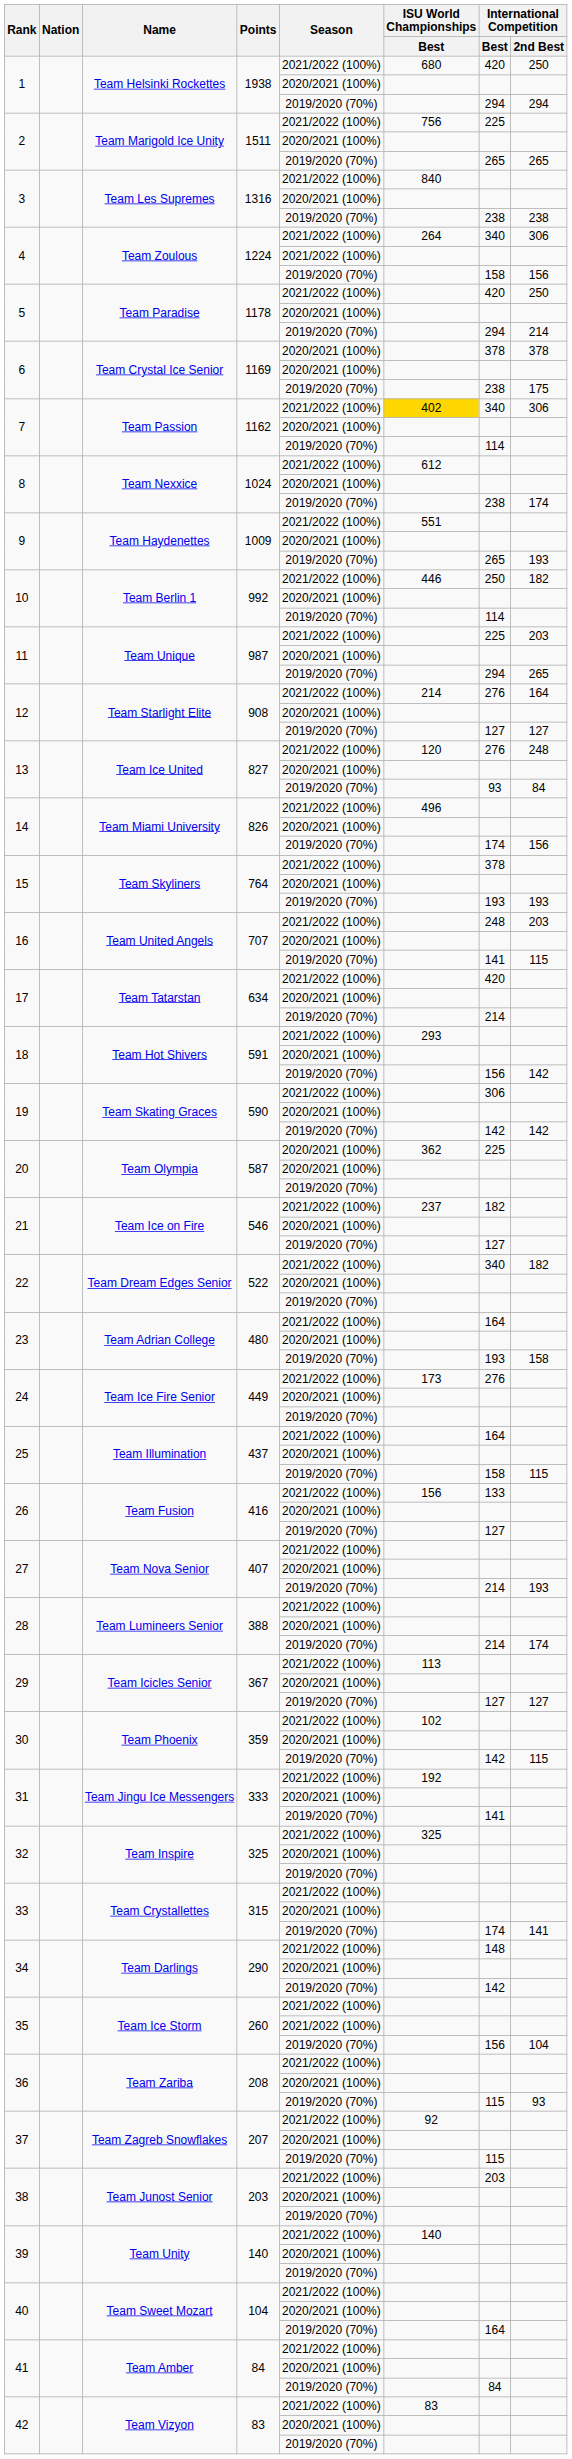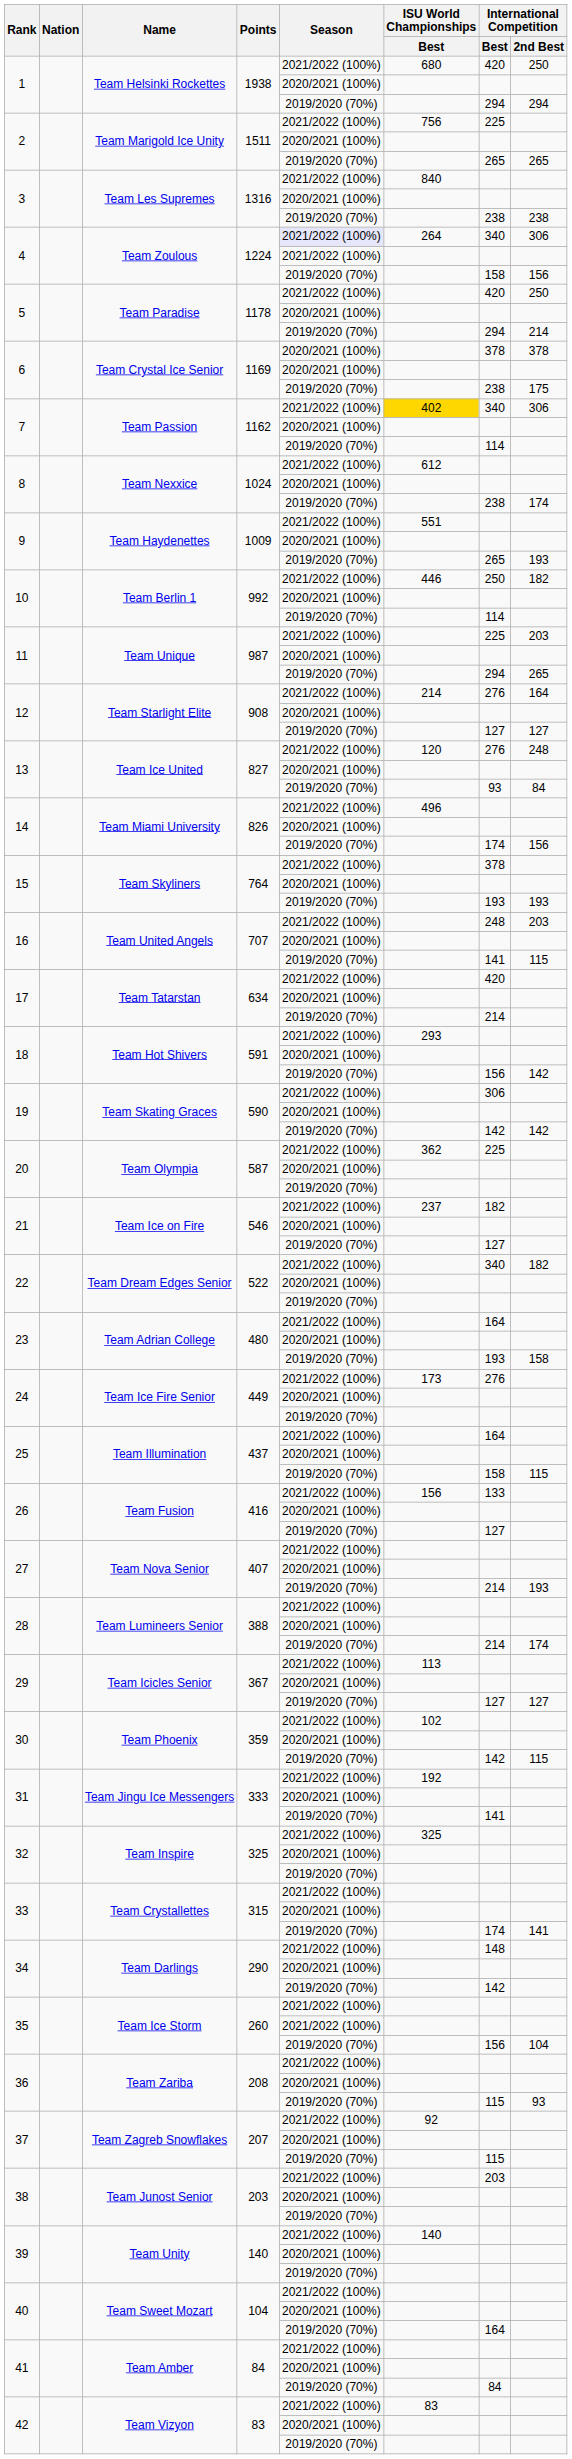 <table class="wikitable sortable" style="text-align: center;">
 <tr>
 <th rowspan="2">Rank</th>
 <th rowspan="2">Nation</th>
 <th rowspan="2">Name</th>
 <th rowspan="2">Points</th>
 <th rowspan="2">Season</th>
 <th>ISU World <br> Championships</th>
 <th colspan="2">International <br> Competition</th>
 </tr>
 <tr>
 <th>Best</th>
 <th>Best</th>
 <th>2nd Best</th>
 </tr>
 <tr>
 <td rowspan="3">1</td>
 <td rowspan="3"></td>
 <td rowspan="3"><a href='#'>Team Helsinki Rockettes</a></td>
 <td rowspan="3">1938</td>
 <td>2021/2022 (100%)</td>
 <td>680</td>
 <td>420</td>
 <td>250</td>
 </tr>
 <tr>
 <td>2020/2021 (100%)</td>
 <td></td>
 <td></td>
 <td></td>
 </tr>
 <tr>
 <td>2019/2020 (70%)</td>
 <td></td>
 <td>294</td>
 <td>294</td>
 </tr>
 <tr>
 <td rowspan="3">2</td>
 <td rowspan="3"></td>
 <td rowspan="3"><a href='#'>Team Marigold Ice Unity</a></td>
 <td rowspan="3">1511</td>
 <td>2021/2022 (100%)</td>
 <td>756</td>
 <td>225</td>
 <td></td>
 </tr>
 <tr>
 <td>2020/2021 (100%)</td>
 <td></td>
 <td></td>
 <td></td>
 </tr>
 <tr>
 <td>2019/2020 (70%)</td>
 <td></td>
 <td>265</td>
 <td>265</td>
 </tr>
 <tr>
 <td rowspan="3">3</td>
 <td rowspan="3"></td>
 <td rowspan="3"><a href='#'>Team Les Supremes</a></td>
 <td rowspan="3">1316</td>
 <td>2021/2022 (100%)</td>
 <td>840</td>
 <td></td>
 <td></td>
 </tr>
 <tr>
 <td>2020/2021 (100%)</td>
 <td></td>
 <td></td>
 <td></td>
 </tr>
 <tr>
 <td>2019/2020 (70%)</td>
 <td></td>
 <td>238</td>
 <td>238</td>
 </tr>
 <tr>
 <td rowspan="3">4</td>
 <td rowspan="3"></td>
 <td rowspan="3"><a href='#'>Team Zoulous</a></td>
 <td rowspan="3">1224</td>
-<td>2021/2022 (100%)</td>
+<td style="background: lavender;">2021/2022 (100%)</td>
 <td>264</td>
 <td>340</td>
 <td>306</td>
 </tr>
 <tr>
 <td>2021/2022 (100%)</td>
 <td></td>
 <td></td>
 <td></td>
 </tr>
 <tr>
 <td>2019/2020 (70%)</td>
 <td></td>
 <td>158</td>
 <td>156</td>
 </tr>
 <tr>
 <td rowspan="3">5</td>
 <td rowspan="3"></td>
 <td rowspan="3"><a href='#'>Team Paradise</a></td>
 <td rowspan="3">1178</td>
 <td>2021/2022 (100%)</td>
 <td></td>
 <td>420</td>
 <td>250</td>
 </tr>
 <tr>
 <td>2020/2021 (100%)</td>
 <td></td>
 <td></td>
 <td></td>
 </tr>
 <tr>
 <td>2019/2020 (70%)</td>
 <td></td>
 <td>294</td>
 <td>214</td>
 </tr>
 <tr>
 <td rowspan="3">6</td>
 <td rowspan="3"></td>
 <td rowspan="3"><a href='#'>Team Crystal Ice Senior</a></td>
 <td rowspan="3">1169</td>
 <td>2020/2021 (100%)</td>
 <td></td>
 <td>378</td>
 <td>378</td>
 </tr>
 <tr>
 <td>2020/2021 (100%)</td>
 <td></td>
 <td></td>
 <td></td>
 </tr>
 <tr>
 <td>2019/2020 (70%)</td>
 <td></td>
 <td>238</td>
 <td>175</td>
 </tr>
 <tr>
 <td rowspan="3">7</td>
 <td rowspan="3"></td>
 <td rowspan="3"><a href='#'>Team Passion</a></td>
 <td rowspan="3">1162</td>
 <td>2021/2022 (100%)</td>
 <td style="background: gold;">402</td>
 <td>340</td>
 <td>306</td>
 </tr>
 <tr>
 <td>2020/2021 (100%)</td>
 <td></td>
 <td></td>
 <td></td>
 </tr>
 <tr>
 <td>2019/2020 (70%)</td>
 <td></td>
 <td>114</td>
 <td></td>
 </tr>
 <tr>
 <td rowspan="3">8</td>
 <td rowspan="3"></td>
 <td rowspan="3"><a href='#'>Team Nexxice</a></td>
 <td rowspan="3">1024</td>
 <td>2021/2022 (100%)</td>
 <td>612</td>
 <td></td>
 <td></td>
 </tr>
 <tr>
 <td>2020/2021 (100%)</td>
 <td></td>
 <td></td>
 <td></td>
 </tr>
 <tr>
 <td>2019/2020 (70%)</td>
 <td></td>
 <td>238</td>
 <td>174</td>
 </tr>
 <tr>
 <td rowspan="3">9</td>
 <td rowspan="3"></td>
 <td rowspan="3"><a href='#'>Team Haydenettes</a></td>
 <td rowspan="3">1009</td>
 <td>2021/2022 (100%)</td>
 <td>551</td>
 <td></td>
 <td></td>
 </tr>
 <tr>
 <td>2020/2021 (100%)</td>
 <td></td>
 <td></td>
 <td></td>
 </tr>
 <tr>
 <td>2019/2020 (70%)</td>
 <td></td>
 <td>265</td>
 <td>193</td>
 </tr>
 <tr>
 <td rowspan="3">10</td>
 <td rowspan="3"></td>
 <td rowspan="3"><a href='#'>Team Berlin 1</a></td>
 <td rowspan="3">992</td>
 <td>2021/2022 (100%)</td>
 <td>446</td>
 <td>250</td>
 <td>182</td>
 </tr>
 <tr>
 <td>2020/2021 (100%)</td>
 <td></td>
 <td></td>
 <td></td>
 </tr>
 <tr>
 <td>2019/2020 (70%)</td>
 <td></td>
 <td>114</td>
 <td></td>
 </tr>
 <tr>
 <td rowspan="3">11</td>
 <td rowspan="3"></td>
 <td rowspan="3"><a href='#'>Team Unique</a></td>
 <td rowspan="3">987</td>
 <td>2021/2022 (100%)</td>
 <td></td>
 <td>225</td>
 <td>203</td>
 </tr>
 <tr>
 <td>2020/2021 (100%)</td>
 <td></td>
 <td></td>
 <td></td>
 </tr>
 <tr>
 <td>2019/2020 (70%)</td>
 <td></td>
 <td>294</td>
 <td>265</td>
 </tr>
 <tr>
 <td rowspan="3">12</td>
 <td rowspan="3"></td>
 <td rowspan="3"><a href='#'>Team Starlight Elite</a></td>
 <td rowspan="3">908</td>
 <td>2021/2022 (100%)</td>
 <td>214</td>
 <td>276</td>
 <td>164</td>
 </tr>
 <tr>
 <td>2020/2021 (100%)</td>
 <td></td>
 <td></td>
 <td></td>
 </tr>
 <tr>
 <td>2019/2020 (70%)</td>
 <td></td>
 <td>127</td>
 <td>127</td>
 </tr>
 <tr>
 <td rowspan="3">13</td>
 <td rowspan="3"></td>
 <td rowspan="3"><a href='#'>Team Ice United</a></td>
 <td rowspan="3">827</td>
 <td>2021/2022 (100%)</td>
 <td>120</td>
 <td>276</td>
 <td>248</td>
 </tr>
 <tr>
 <td>2020/2021 (100%)</td>
 <td></td>
 <td></td>
 <td></td>
 </tr>
 <tr>
 <td>2019/2020 (70%)</td>
 <td></td>
 <td>93</td>
 <td>84</td>
 </tr>
 <tr>
 <td rowspan="3">14</td>
 <td rowspan="3"></td>
 <td rowspan="3"><a href='#'>Team Miami University</a></td>
 <td rowspan="3">826</td>
 <td>2021/2022 (100%)</td>
 <td>496</td>
 <td></td>
 <td></td>
 </tr>
 <tr>
 <td>2020/2021 (100%)</td>
 <td></td>
 <td></td>
 <td></td>
 </tr>
 <tr>
 <td>2019/2020 (70%)</td>
 <td></td>
 <td>174</td>
 <td>156</td>
 </tr>
 <tr>
 <td rowspan="3">15</td>
 <td rowspan="3"></td>
 <td rowspan="3"><a href='#'>Team Skyliners</a></td>
 <td rowspan="3">764</td>
 <td>2021/2022 (100%)</td>
 <td></td>
 <td>378</td>
 <td></td>
 </tr>
 <tr>
 <td>2020/2021 (100%)</td>
 <td></td>
 <td></td>
 <td></td>
 </tr>
 <tr>
 <td>2019/2020 (70%)</td>
 <td></td>
 <td>193</td>
 <td>193</td>
 </tr>
 <tr>
 <td rowspan="3">16</td>
 <td rowspan="3"></td>
 <td rowspan="3"><a href='#'>Team United Angels</a></td>
 <td rowspan="3">707</td>
 <td>2021/2022 (100%)</td>
 <td></td>
 <td>248</td>
 <td>203</td>
 </tr>
 <tr>
 <td>2020/2021 (100%)</td>
 <td></td>
 <td></td>
 <td></td>
 </tr>
 <tr>
 <td>2019/2020 (70%)</td>
 <td></td>
 <td>141</td>
 <td>115</td>
 </tr>
 <tr>
 <td rowspan="3">17</td>
 <td rowspan="3"></td>
 <td rowspan="3"><a href='#'>Team Tatarstan</a></td>
 <td rowspan="3">634</td>
 <td>2021/2022 (100%)</td>
 <td></td>
 <td>420</td>
 <td></td>
 </tr>
 <tr>
 <td>2020/2021 (100%)</td>
 <td></td>
 <td></td>
 <td></td>
 </tr>
 <tr>
 <td>2019/2020 (70%)</td>
 <td></td>
 <td>214</td>
 <td></td>
 </tr>
 <tr>
 <td rowspan="3">18</td>
 <td rowspan="3"></td>
 <td rowspan="3"><a href='#'>Team Hot Shivers</a></td>
 <td rowspan="3">591</td>
 <td>2021/2022 (100%)</td>
 <td>293</td>
 <td></td>
 <td></td>
 </tr>
 <tr>
 <td>2020/2021 (100%)</td>
 <td></td>
 <td></td>
 <td></td>
 </tr>
 <tr>
 <td>2019/2020 (70%)</td>
 <td></td>
 <td>156</td>
 <td>142</td>
 </tr>
 <tr>
 <td rowspan="3">19</td>
 <td rowspan="3"></td>
 <td rowspan="3"><a href='#'>Team Skating Graces</a></td>
 <td rowspan="3">590</td>
 <td>2021/2022 (100%)</td>
 <td></td>
 <td>306</td>
 <td></td>
 </tr>
 <tr>
 <td>2020/2021 (100%)</td>
 <td></td>
 <td></td>
 <td></td>
 </tr>
 <tr>
 <td>2019/2020 (70%)</td>
 <td></td>
 <td>142</td>
 <td>142</td>
 </tr>
 <tr>
 <td rowspan="3">20</td>
 <td rowspan="3"></td>
 <td rowspan="3"><a href='#'>Team Olympia</a></td>
 <td rowspan="3">587</td>
-<td>2020/2021 (100%)</td>
+<td>2021/2022 (100%)</td>
 <td>362</td>
 <td>225</td>
 <td></td>
 </tr>
 <tr>
 <td>2020/2021 (100%)</td>
 <td></td>
 <td></td>
 <td></td>
 </tr>
 <tr>
 <td>2019/2020 (70%)</td>
 <td></td>
 <td></td>
 <td></td>
 </tr>
 <tr>
 <td rowspan="3">21</td>
 <td rowspan="3"></td>
 <td rowspan="3"><a href='#'>Team Ice on Fire</a></td>
 <td rowspan="3">546</td>
 <td>2021/2022 (100%)</td>
 <td>237</td>
 <td>182</td>
 <td></td>
 </tr>
 <tr>
 <td>2020/2021 (100%)</td>
 <td></td>
 <td></td>
 <td></td>
 </tr>
 <tr>
 <td>2019/2020 (70%)</td>
 <td></td>
 <td>127</td>
 <td></td>
 </tr>
 <tr>
 <td rowspan="3">22</td>
 <td rowspan="3"></td>
 <td rowspan="3"><a href='#'>Team Dream Edges Senior</a></td>
 <td rowspan="3">522</td>
 <td>2021/2022 (100%)</td>
 <td></td>
 <td>340</td>
 <td>182</td>
 </tr>
 <tr>
 <td>2020/2021 (100%)</td>
 <td></td>
 <td></td>
 <td></td>
 </tr>
 <tr>
 <td>2019/2020 (70%)</td>
 <td></td>
 <td></td>
 <td></td>
 </tr>
 <tr>
 <td rowspan="3">23</td>
 <td rowspan="3"></td>
 <td rowspan="3"><a href='#'>Team Adrian College</a></td>
 <td rowspan="3">480</td>
 <td>2021/2022 (100%)</td>
 <td></td>
 <td>164</td>
 <td></td>
 </tr>
 <tr>
 <td>2020/2021 (100%)</td>
 <td></td>
 <td></td>
 <td></td>
 </tr>
 <tr>
 <td>2019/2020 (70%)</td>
 <td></td>
 <td>193</td>
 <td>158</td>
 </tr>
 <tr>
 <td rowspan="3">24</td>
 <td rowspan="3"></td>
 <td rowspan="3"><a href='#'>Team Ice Fire Senior</a></td>
 <td rowspan="3">449</td>
 <td>2021/2022 (100%)</td>
 <td>173</td>
 <td>276</td>
 <td></td>
 </tr>
 <tr>
 <td>2020/2021 (100%)</td>
 <td></td>
 <td></td>
 <td></td>
 </tr>
 <tr>
 <td>2019/2020 (70%)</td>
 <td></td>
 <td></td>
 <td></td>
 </tr>
 <tr>
 <td rowspan="3">25</td>
 <td rowspan="3"></td>
 <td rowspan="3"><a href='#'>Team Illumination</a></td>
 <td rowspan="3">437</td>
 <td>2021/2022 (100%)</td>
 <td></td>
 <td>164</td>
 <td></td>
 </tr>
 <tr>
 <td>2020/2021 (100%)</td>
 <td></td>
 <td></td>
 <td></td>
 </tr>
 <tr>
 <td>2019/2020 (70%)</td>
 <td></td>
 <td>158</td>
 <td>115</td>
 </tr>
 <tr>
 <td rowspan="3">26</td>
 <td rowspan="3"></td>
 <td rowspan="3"><a href='#'>Team Fusion</a></td>
 <td rowspan="3">416</td>
 <td>2021/2022 (100%)</td>
 <td>156</td>
 <td>133</td>
 <td></td>
 </tr>
 <tr>
 <td>2020/2021 (100%)</td>
 <td></td>
 <td></td>
 <td></td>
 </tr>
 <tr>
 <td>2019/2020 (70%)</td>
 <td></td>
 <td>127</td>
 <td></td>
 </tr>
 <tr>
 <td rowspan="3">27</td>
 <td rowspan="3"></td>
 <td rowspan="3"><a href='#'>Team Nova Senior</a></td>
 <td rowspan="3">407</td>
 <td>2021/2022 (100%)</td>
 <td></td>
 <td></td>
 <td></td>
 </tr>
 <tr>
 <td>2020/2021 (100%)</td>
 <td></td>
 <td></td>
 <td></td>
 </tr>
 <tr>
 <td>2019/2020 (70%)</td>
 <td></td>
 <td>214</td>
 <td>193</td>
 </tr>
 <tr>
 <td rowspan="3">28</td>
 <td rowspan="3"></td>
 <td rowspan="3"><a href='#'>Team Lumineers Senior</a></td>
 <td rowspan="3">388</td>
 <td>2021/2022 (100%)</td>
 <td></td>
 <td></td>
 <td></td>
 </tr>
 <tr>
 <td>2020/2021 (100%)</td>
 <td></td>
 <td></td>
 <td></td>
 </tr>
 <tr>
 <td>2019/2020 (70%)</td>
 <td></td>
 <td>214</td>
 <td>174</td>
 </tr>
 <tr>
 <td rowspan="3">29</td>
 <td rowspan="3"></td>
 <td rowspan="3"><a href='#'>Team Icicles Senior</a></td>
 <td rowspan="3">367</td>
 <td>2021/2022 (100%)</td>
 <td>113</td>
 <td></td>
 <td></td>
 </tr>
 <tr>
 <td>2020/2021 (100%)</td>
 <td></td>
 <td></td>
 <td></td>
 </tr>
 <tr>
 <td>2019/2020 (70%)</td>
 <td></td>
 <td>127</td>
 <td>127</td>
 </tr>
 <tr>
 <td rowspan="3">30</td>
 <td rowspan="3"></td>
 <td rowspan="3"><a href='#'>Team Phoenix</a></td>
 <td rowspan="3">359</td>
 <td>2021/2022 (100%)</td>
 <td>102</td>
 <td></td>
 <td></td>
 </tr>
 <tr>
 <td>2020/2021 (100%)</td>
 <td></td>
 <td></td>
 <td></td>
 </tr>
 <tr>
 <td>2019/2020 (70%)</td>
 <td></td>
 <td>142</td>
 <td>115</td>
 </tr>
 <tr>
 <td rowspan="3">31</td>
 <td rowspan="3"></td>
 <td rowspan="3"><a href='#'>Team Jingu Ice Messengers</a></td>
 <td rowspan="3">333</td>
 <td>2021/2022 (100%)</td>
 <td>192</td>
 <td></td>
 <td></td>
 </tr>
 <tr>
 <td>2020/2021 (100%)</td>
 <td></td>
 <td></td>
 <td></td>
 </tr>
 <tr>
 <td>2019/2020 (70%)</td>
 <td></td>
 <td>141</td>
 <td></td>
 </tr>
 <tr>
 <td rowspan="3">32</td>
 <td rowspan="3"></td>
 <td rowspan="3"><a href='#'>Team Inspire</a></td>
 <td rowspan="3">325</td>
 <td>2021/2022 (100%)</td>
 <td>325</td>
 <td></td>
 <td></td>
 </tr>
 <tr>
 <td>2020/2021 (100%)</td>
 <td></td>
 <td></td>
 <td></td>
 </tr>
 <tr>
 <td>2019/2020 (70%)</td>
 <td></td>
 <td></td>
 <td></td>
 </tr>
 <tr>
 <td rowspan="3">33</td>
 <td rowspan="3"></td>
 <td rowspan="3"><a href='#'>Team Crystallettes</a></td>
 <td rowspan="3">315</td>
 <td>2021/2022 (100%)</td>
 <td></td>
 <td></td>
 <td></td>
 </tr>
 <tr>
 <td>2020/2021 (100%)</td>
 <td></td>
 <td></td>
 <td></td>
 </tr>
 <tr>
 <td>2019/2020 (70%)</td>
 <td></td>
 <td>174</td>
 <td>141</td>
 </tr>
 <tr>
 <td rowspan="3">34</td>
 <td rowspan="3"></td>
 <td rowspan="3"><a href='#'>Team Darlings</a></td>
 <td rowspan="3">290</td>
 <td>2021/2022 (100%)</td>
 <td></td>
 <td>148</td>
 <td></td>
 </tr>
 <tr>
 <td>2020/2021 (100%)</td>
 <td></td>
 <td></td>
 <td></td>
 </tr>
 <tr>
 <td>2019/2020 (70%)</td>
 <td></td>
 <td>142</td>
 <td></td>
 </tr>
 <tr>
 <td rowspan="3">35</td>
 <td rowspan="3"></td>
 <td rowspan="3"><a href='#'>Team Ice Storm</a></td>
 <td rowspan="3">260</td>
 <td>2021/2022 (100%)</td>
 <td></td>
 <td></td>
 <td></td>
 </tr>
 <tr>
 <td>2021/2022 (100%)</td>
 <td></td>
 <td></td>
 <td></td>
 </tr>
 <tr>
 <td>2019/2020 (70%)</td>
 <td></td>
 <td>156</td>
 <td>104</td>
 </tr>
 <tr>
 <td rowspan="3">36</td>
 <td rowspan="3"></td>
 <td rowspan="3"><a href='#'>Team Zariba</a></td>
 <td rowspan="3">208</td>
 <td>2021/2022 (100%)</td>
 <td></td>
 <td></td>
 <td></td>
 </tr>
 <tr>
 <td>2020/2021 (100%)</td>
 <td></td>
 <td></td>
 <td></td>
 </tr>
 <tr>
 <td>2019/2020 (70%)</td>
 <td></td>
 <td>115</td>
 <td>93</td>
 </tr>
 <tr>
 <td rowspan="3">37</td>
 <td rowspan="3"></td>
 <td rowspan="3"><a href='#'>Team Zagreb Snowflakes</a></td>
 <td rowspan="3">207</td>
 <td>2021/2022 (100%)</td>
 <td>92</td>
 <td></td>
 <td></td>
 </tr>
 <tr>
 <td>2020/2021 (100%)</td>
 <td></td>
 <td></td>
 <td></td>
 </tr>
 <tr>
 <td>2019/2020 (70%)</td>
 <td></td>
 <td>115</td>
 <td></td>
 </tr>
 <tr>
 <td rowspan="3">38</td>
 <td rowspan="3"></td>
 <td rowspan="3"><a href='#'>Team Junost Senior</a></td>
 <td rowspan="3">203</td>
 <td>2021/2022 (100%)</td>
 <td></td>
 <td>203</td>
 <td></td>
 </tr>
 <tr>
 <td>2020/2021 (100%)</td>
 <td></td>
 <td></td>
 <td></td>
 </tr>
 <tr>
 <td>2019/2020 (70%)</td>
 <td></td>
 <td></td>
 <td></td>
 </tr>
 <tr>
 <td rowspan="3">39</td>
 <td rowspan="3"></td>
 <td rowspan="3"><a href='#'>Team Unity</a></td>
 <td rowspan="3">140</td>
 <td>2021/2022 (100%)</td>
 <td>140</td>
 <td></td>
 <td></td>
 </tr>
 <tr>
 <td>2020/2021 (100%)</td>
 <td></td>
 <td></td>
 <td></td>
 </tr>
 <tr>
 <td>2019/2020 (70%)</td>
 <td></td>
 <td></td>
 <td></td>
 </tr>
 <tr>
 <td rowspan="3">40</td>
 <td rowspan="3"></td>
 <td rowspan="3"><a href='#'>Team Sweet Mozart</a></td>
 <td rowspan="3">104</td>
 <td>2021/2022 (100%)</td>
 <td></td>
 <td></td>
 <td></td>
 </tr>
 <tr>
 <td>2020/2021 (100%)</td>
 <td></td>
 <td></td>
 <td></td>
 </tr>
 <tr>
 <td>2019/2020 (70%)</td>
 <td></td>
 <td>164</td>
 <td></td>
 </tr>
 <tr>
 <td rowspan="3">41</td>
 <td rowspan="3"></td>
 <td rowspan="3"><a href='#'>Team Amber</a></td>
 <td rowspan="3">84</td>
 <td>2021/2022 (100%)</td>
 <td></td>
 <td></td>
 <td></td>
 </tr>
 <tr>
 <td>2020/2021 (100%)</td>
 <td></td>
 <td></td>
 <td></td>
 </tr>
 <tr>
 <td>2019/2020 (70%)</td>
 <td></td>
 <td>84</td>
 <td></td>
 </tr>
 <tr>
 <td rowspan="3">42</td>
 <td rowspan="3"></td>
 <td rowspan="3"><a href='#'>Team Vizyon</a></td>
 <td rowspan="3">83</td>
 <td>2021/2022 (100%)</td>
 <td>83</td>
 <td></td>
 <td></td>
 </tr>
 <tr>
 <td>2020/2021 (100%)</td>
 <td></td>
 <td></td>
 <td></td>
 </tr>
 <tr>
 <td>2019/2020 (70%)</td>
 <td></td>
 <td></td>
 <td></td>
 </tr>
 </table>
